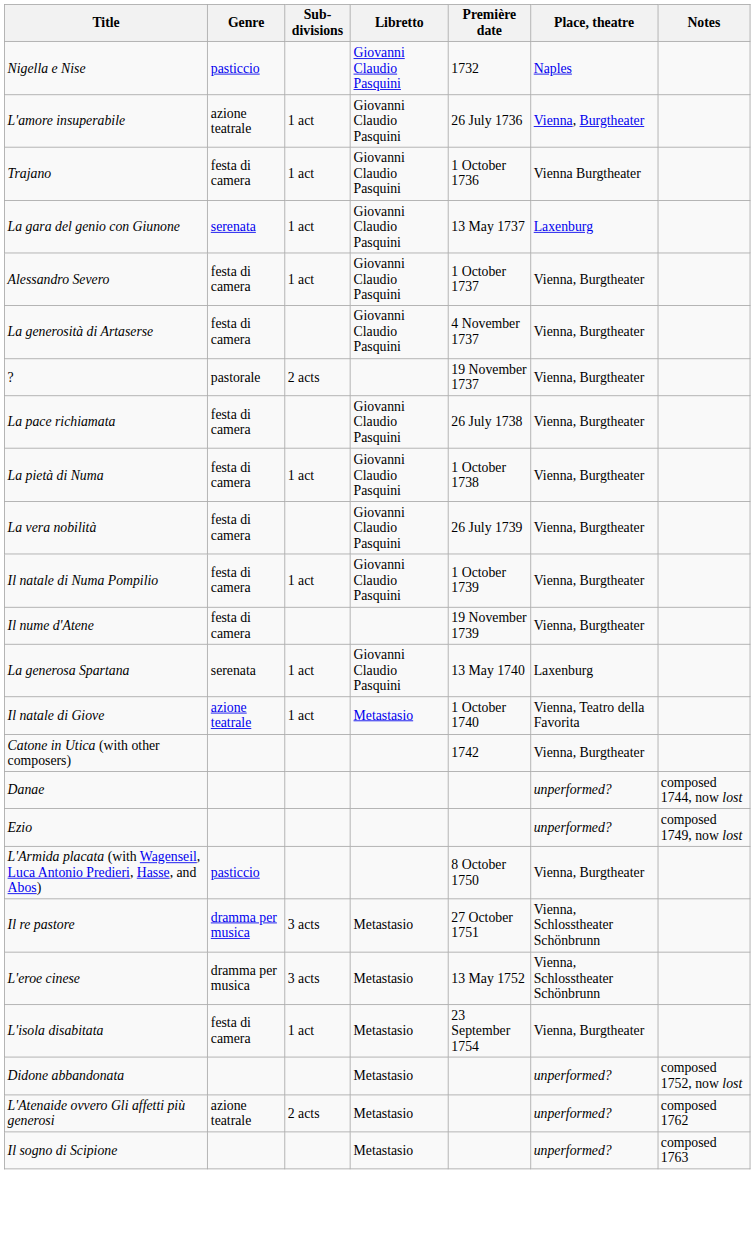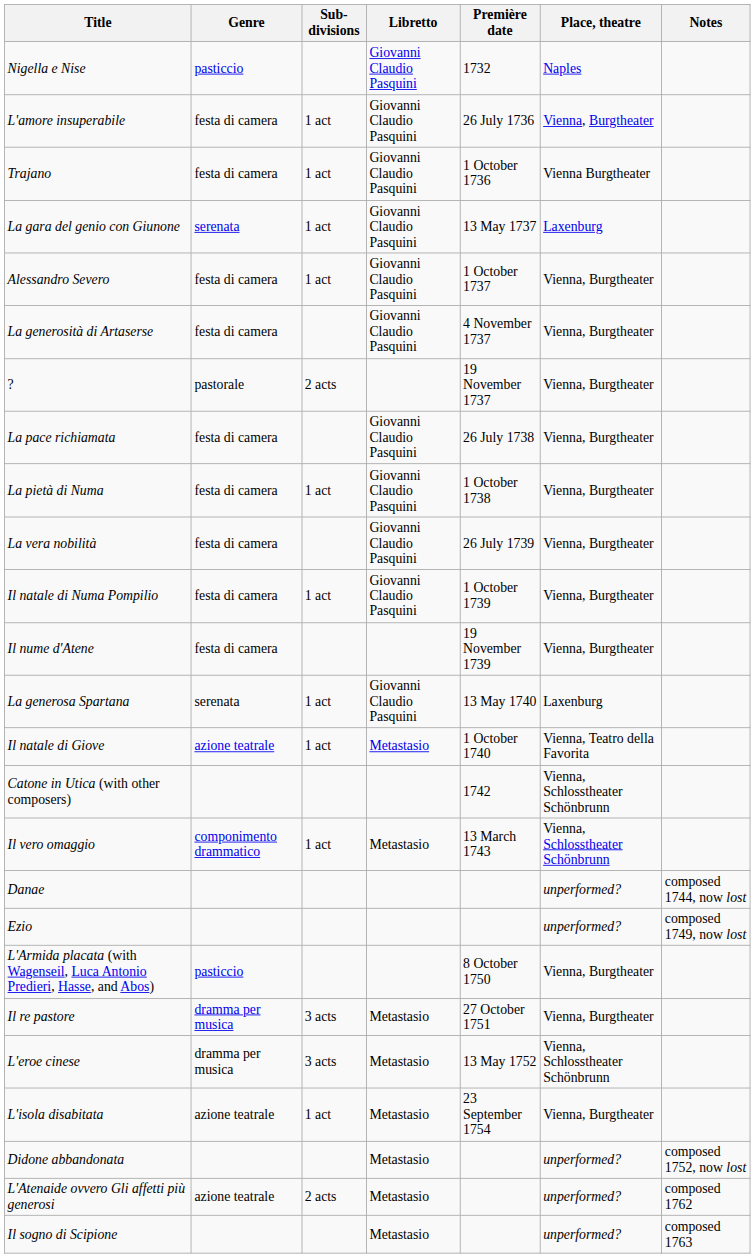 <table class="wikitable sortable">
 <tr>
 <th>Title</th>
 <th>Genre</th>
 <th>Sub­divisions</th>
 <th>Libretto</th>
 <th>Première date</th>
 <th>Place, theatre</th>
 <th>Notes</th>
 </tr>
 <tr>
 <td><em>Nigella e Nise</em></td>
 <td><a href='#'>pasticcio</a></td>
 <td></td>
 <td><a href='#'>Giovanni Claudio Pasquini</a></td>
 <td>1732</td>
 <td><a href='#'>Naples</a></td>
 <td></td>
 </tr>
 <tr>
 <td><em>L'amore insuperabile</em></td>
-<td>azione teatrale</td>
+<td>festa di camera</td>
 <td>1 act</td>
 <td>Giovanni Claudio Pasquini</td>
 <td>26 July 1736</td>
 <td><a href='#'>Vienna</a>, <a href='#'>Burgtheater</a></td>
 <td></td>
 </tr>
 <tr>
 <td><em>Trajano</em></td>
 <td>festa di camera</td>
 <td>1 act</td>
 <td>Giovanni Claudio Pasquini</td>
 <td>1 October 1736</td>
 <td>Vienna Burgtheater</td>
 <td></td>
 </tr>
 <tr>
 <td><em>La gara del genio con Giunone</em></td>
 <td><a href='#'>serenata</a></td>
 <td>1 act</td>
 <td>Giovanni Claudio Pasquini</td>
 <td>13 May 1737</td>
 <td><a href='#'>Laxenburg</a></td>
 <td></td>
 </tr>
 <tr>
 <td><em>Alessandro Severo</em></td>
 <td>festa di camera</td>
 <td>1 act</td>
 <td>Giovanni Claudio Pasquini</td>
 <td>1 October 1737</td>
 <td>Vienna, Burgtheater</td>
 <td></td>
 </tr>
 <tr>
 <td><em>La generosità di Artaserse</em></td>
 <td>festa di camera</td>
 <td></td>
 <td>Giovanni Claudio Pasquini</td>
 <td>4 November 1737</td>
 <td>Vienna, Burgtheater</td>
 <td></td>
 </tr>
 <tr>
 <td>?</td>
 <td>pastorale</td>
 <td>2 acts</td>
 <td></td>
 <td>19 November 1737</td>
 <td>Vienna, Burgtheater</td>
 <td></td>
 </tr>
 <tr>
 <td><em>La pace richiamata</em></td>
 <td>festa di camera</td>
 <td></td>
 <td>Giovanni Claudio Pasquini</td>
 <td>26 July 1738</td>
 <td>Vienna, Burgtheater</td>
 <td></td>
 </tr>
 <tr>
 <td><em>La pietà di Numa</em></td>
 <td>festa di camera</td>
 <td>1 act</td>
 <td>Giovanni Claudio Pasquini</td>
 <td>1 October 1738</td>
 <td>Vienna, Burgtheater</td>
 <td></td>
 </tr>
 <tr>
 <td><em>La vera nobilità</em></td>
 <td>festa di camera</td>
 <td></td>
 <td>Giovanni Claudio Pasquini</td>
 <td>26 July 1739</td>
 <td>Vienna, Burgtheater</td>
 <td></td>
 </tr>
 <tr>
 <td><em>Il natale di Numa Pompilio</em></td>
 <td>festa di camera</td>
 <td>1 act</td>
 <td>Giovanni Claudio Pasquini</td>
 <td>1 October 1739</td>
 <td>Vienna, Burgtheater</td>
 <td></td>
 </tr>
 <tr>
 <td><em>Il nume d'Atene</em></td>
 <td>festa di camera</td>
 <td></td>
 <td></td>
 <td>19 November 1739</td>
 <td>Vienna, Burgtheater</td>
 <td></td>
 </tr>
 <tr>
 <td><em>La generosa Spartana</em></td>
 <td>serenata</td>
 <td>1 act</td>
 <td>Giovanni Claudio Pasquini</td>
 <td>13 May 1740</td>
 <td>Laxenburg</td>
 <td></td>
 </tr>
 <tr>
 <td><em>Il natale di Giove</em></td>
 <td><a href='#'>azione teatrale</a></td>
 <td>1 act</td>
 <td><a href='#'>Metastasio</a></td>
 <td>1 October 1740</td>
 <td>Vienna, Teatro della Favorita</td>
 <td></td>
 </tr>
 <tr>
 <td><em>Catone in Utica</em> (with other composers)</td>
 <td></td>
 <td></td>
 <td></td>
 <td>1742</td>
-<td>Vienna, Burgtheater</td>
+<td>Vienna, Schlosstheater Schönbrunn</td>
+<td></td>
+</tr>
+<tr>
+<td><em>Il vero omaggio</em></td>
+<td><a href='#'>componimento drammatico</a></td>
+<td>1 act</td>
+<td>Metastasio</td>
+<td>13 March 1743</td>
+<td>Vienna, <a href='#'>Schlosstheater Schönbrunn</a></td>
 <td></td>
 </tr>
 <tr>
 <td><em>Danae</em></td>
 <td></td>
 <td></td>
 <td></td>
 <td></td>
 <td><em>unperformed?</em></td>
 <td>composed 1744, now <em>lost</em></td>
 </tr>
 <tr>
 <td><em>Ezio</em></td>
 <td></td>
 <td></td>
 <td></td>
 <td></td>
 <td><em>unperformed?</em></td>
 <td>composed 1749, now <em>lost</em></td>
 </tr>
 <tr>
 <td><em>L'Armida placata</em> (with <a href='#'>Wagenseil</a>, <a href='#'>Luca Antonio Predieri</a>, <a href='#'>Hasse</a>, and <a href='#'>Abos</a>)</td>
 <td><a href='#'>pasticcio</a></td>
 <td></td>
 <td></td>
 <td>8 October 1750</td>
 <td>Vienna, Burgtheater</td>
 <td></td>
 </tr>
 <tr>
 <td><em>Il re pastore</em></td>
 <td><a href='#'>dramma per musica</a></td>
 <td>3 acts</td>
 <td>Metastasio</td>
 <td>27 October 1751</td>
-<td>Vienna, Schlosstheater Schönbrunn</td>
+<td>Vienna, Burgtheater</td>
 <td></td>
 </tr>
 <tr>
 <td><em>L'eroe cinese</em></td>
 <td>dramma per musica</td>
 <td>3 acts</td>
 <td>Metastasio</td>
 <td>13 May 1752</td>
 <td>Vienna, Schlosstheater Schönbrunn</td>
 <td></td>
 </tr>
 <tr>
 <td><em>L'isola disabitata</em></td>
-<td>festa di camera</td>
+<td>azione teatrale</td>
 <td>1 act</td>
 <td>Metastasio</td>
 <td>23 September 1754</td>
 <td>Vienna, Burgtheater</td>
 <td></td>
 </tr>
 <tr>
 <td><em>Didone abbandonata</em></td>
 <td></td>
 <td></td>
 <td>Metastasio</td>
 <td></td>
 <td><em>unperformed?</em></td>
 <td>composed 1752, now <em>lost</em></td>
 </tr>
 <tr>
 <td><em>L'Atenaide ovvero Gli affetti più generosi</em></td>
 <td>azione teatrale</td>
 <td>2 acts</td>
 <td>Metastasio</td>
 <td></td>
 <td><em>unperformed?</em></td>
 <td>composed 1762</td>
 </tr>
 <tr>
 <td><em>Il sogno di Scipione</em></td>
 <td></td>
 <td></td>
 <td>Metastasio</td>
 <td></td>
 <td><em>unperformed?</em></td>
 <td>composed 1763</td>
 </tr>
 </table>
